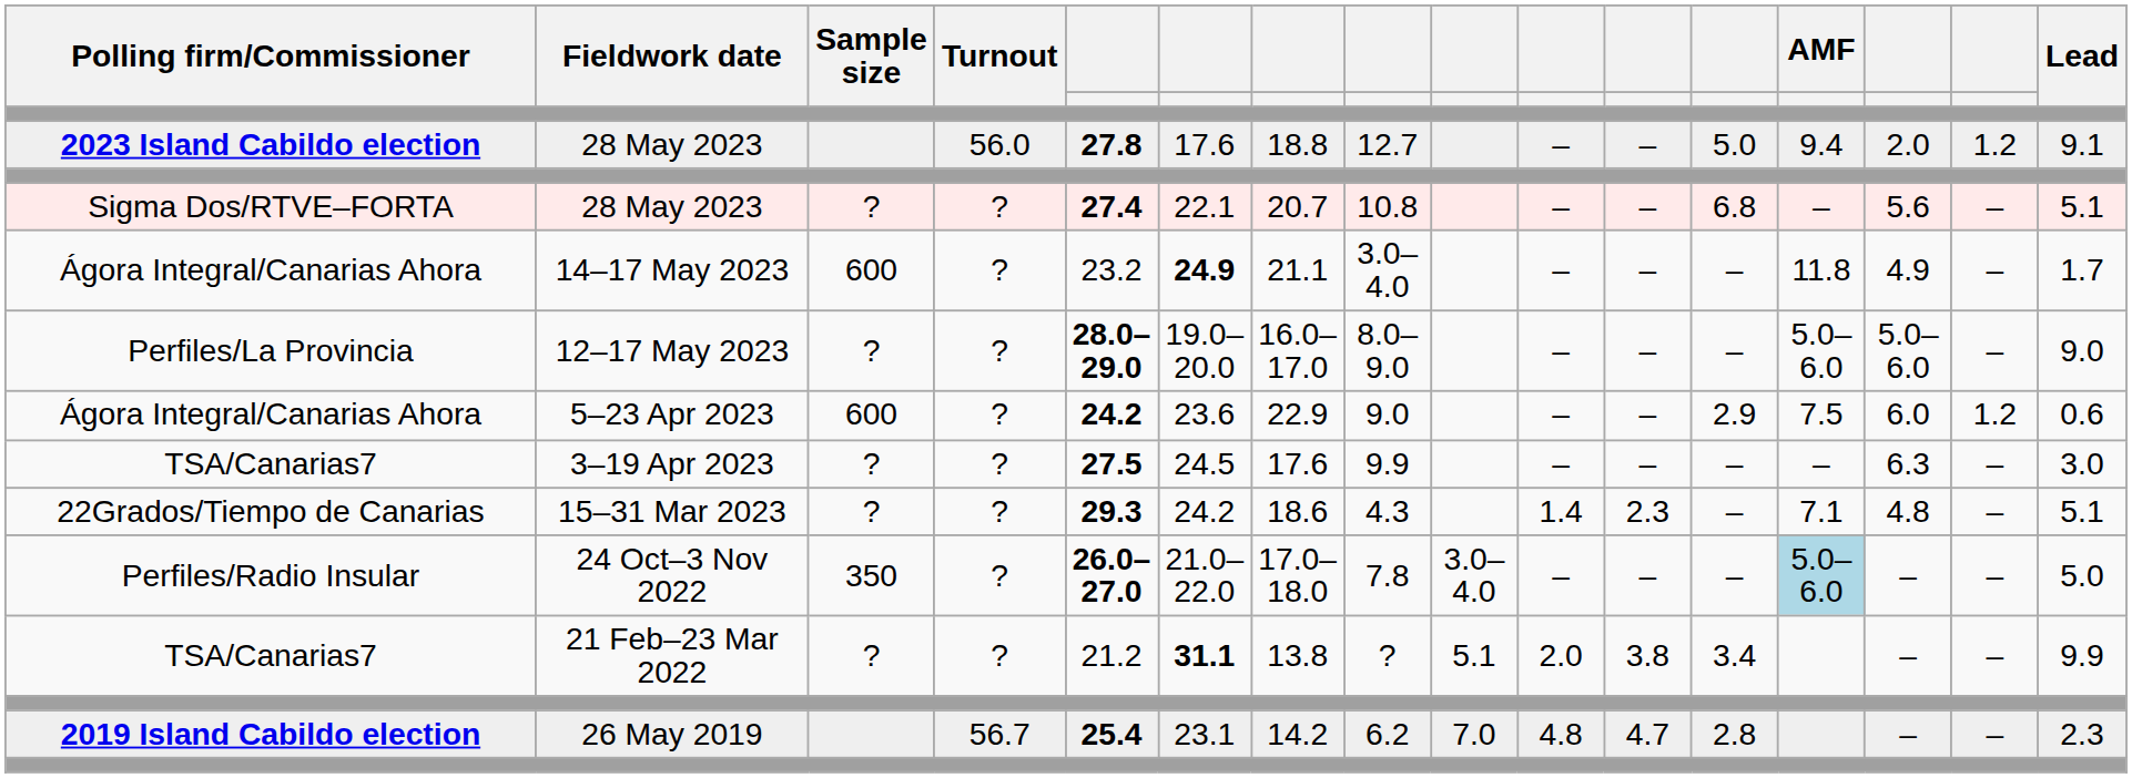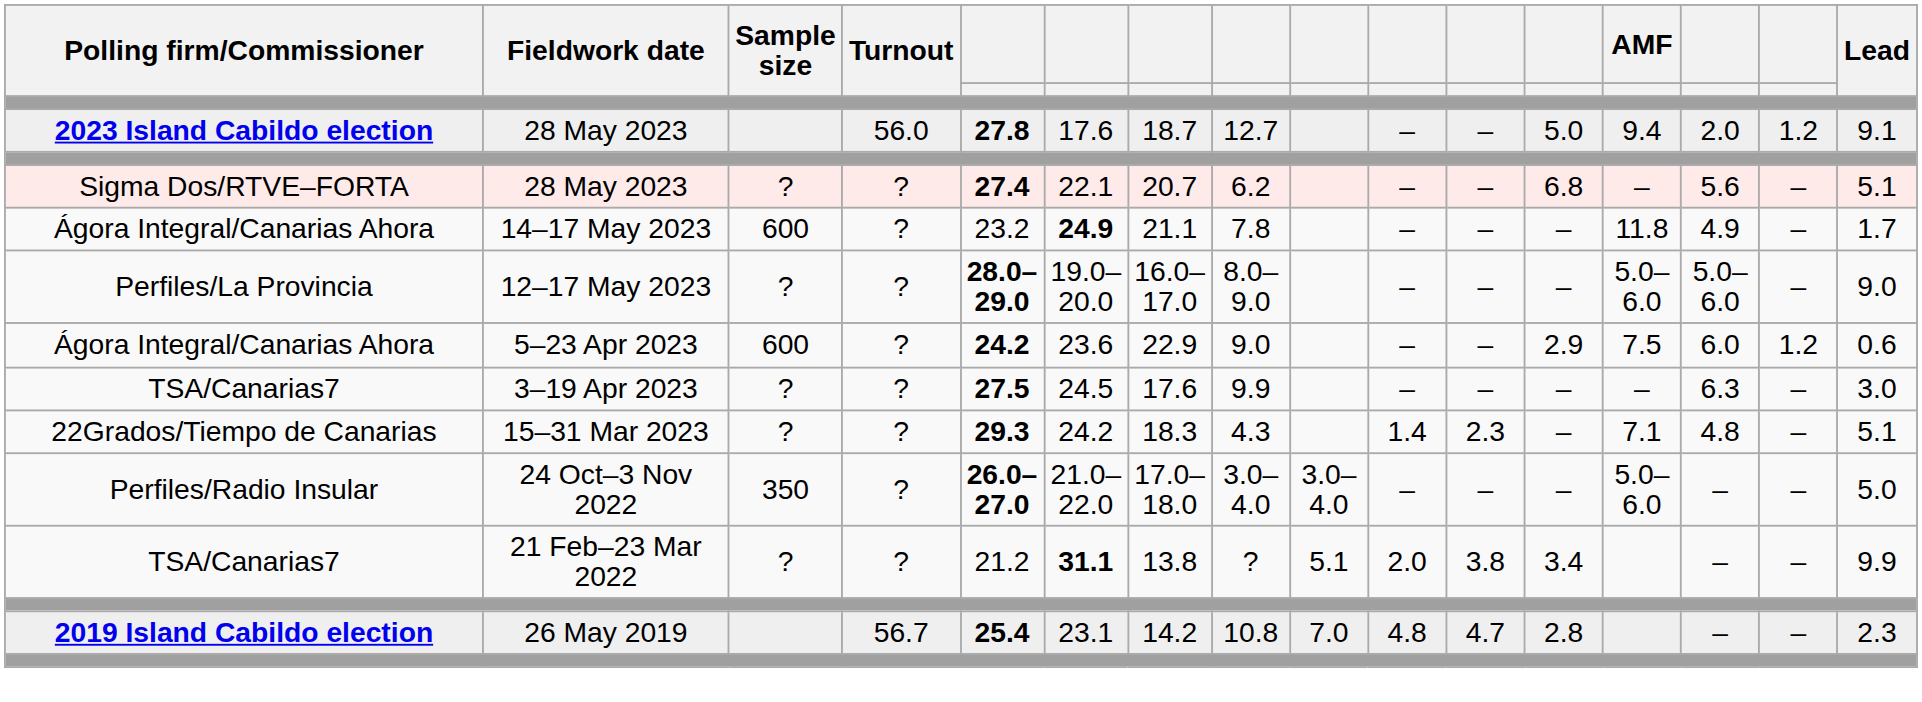 <table class="wikitable collapsible collapsed" style="text-align:center; font-size:95%; line-height:16px;">
 <tr style="height:42px;">
 <th style="width:250px;" rowspan="2">Polling firm/Commissioner</th>
 <th style="width:125px;" rowspan="2">Fieldwork date</th>
 <th style="width:50px;" rowspan="2">Sample size</th>
 <th style="width:45px;" rowspan="2">Turnout</th>
 <th style="width:35px;"></th>
 <th style="width:35px;"></th>
 <th style="width:35px;"></th>
 <th style="width:35px;"></th>
 <th style="width:35px;"></th>
 <th style="width:35px;"></th>
 <th style="width:35px;"></th>
 <th style="width:35px;"></th>
 <th style="width:35px;">AMF</th>
 <th style="width:35px;"></th>
 <th style="width:35px;"></th>
 <th style="width:30px;" rowspan="2">Lead</th>
 </tr>
 <tr>
 <th style="color:inherit;background:"></th>
 <th style="color:inherit;background:"></th>
 <th style="color:inherit;background:"></th>
 <th style="color:inherit;background:"></th>
 <th style="color:inherit;background:"></th>
 <th style="color:inherit;background:"></th>
 <th style="color:inherit;background:"></th>
 <th style="color:inherit;background:"></th>
 <th style="color:inherit;background:"></th>
 <th style="color:inherit;background:"></th>
 <th style="color:inherit;background:"></th>
 </tr>
 <tr>
 <td colspan="16" style="background:#A0A0A0"></td>
 </tr>
 <tr style="background:#EFEFEF;">
 <td><strong><a href='#'>2023 Island Cabildo election</a></strong></td>
 <td>28 May 2023</td>
 <td></td>
 <td>56.0</td>
 <td><strong>27.8</strong><br></td>
 <td>17.6<br></td>
-<td>18.8<br></td>
+<td>18.7<br></td>
 <td>12.7<br></td>
 <td></td>
 <td>–</td>
 <td>–</td>
 <td>5.0<br></td>
 <td>9.4<br></td>
 <td>2.0<br></td>
 <td>1.2<br></td>
 <td style="background:">9.1</td>
 </tr>
 <tr>
 <td colspan="16" style="background:#A0A0A0"></td>
 </tr>
 <tr style="background:#FFEAEA;">
 <td>Sigma Dos/RTVE–FORTA</td>
 <td>28 May 2023</td>
 <td>?</td>
 <td>?</td>
 <td><strong>27.4</strong><br></td>
 <td>22.1<br></td>
 <td>20.7<br></td>
-<td>10.8<br></td>
+<td>6.2<br></td>
 <td></td>
 <td>–</td>
 <td>–</td>
 <td>6.8<br></td>
 <td>–</td>
 <td>5.6<br></td>
 <td>–</td>
 <td style="background:">5.1</td>
 </tr>
 <tr>
 <td>Ágora Integral/Canarias Ahora</td>
 <td>14–17 May 2023</td>
 <td>600</td>
 <td>?</td>
 <td>23.2<br></td>
 <td><strong>24.9</strong><br></td>
 <td>21.1<br></td>
-<td>3.0–<br>4.0<br></td>
+<td>7.8<br></td>
 <td></td>
 <td>–</td>
 <td>–</td>
 <td>–</td>
 <td>11.8<br></td>
 <td>4.9<br></td>
 <td>–</td>
 <td style="background:">1.7</td>
 </tr>
 <tr>
 <td>Perfiles/La Provincia</td>
 <td>12–17 May 2023</td>
 <td>?</td>
 <td>?</td>
 <td><strong>28.0–<br>29.0</strong><br></td>
 <td>19.0–<br>20.0<br></td>
 <td>16.0–<br>17.0<br></td>
 <td>8.0–<br>9.0<br></td>
 <td></td>
 <td>–</td>
 <td>–</td>
 <td>–</td>
 <td>5.0–<br>6.0<br></td>
 <td>5.0–<br>6.0<br></td>
 <td>–</td>
 <td style="background:">9.0</td>
 </tr>
 <tr>
 <td>Ágora Integral/Canarias Ahora</td>
 <td>5–23 Apr 2023</td>
 <td>600</td>
 <td>?</td>
 <td><strong>24.2</strong><br></td>
 <td>23.6<br></td>
 <td>22.9<br></td>
 <td>9.0<br></td>
 <td></td>
 <td>–</td>
 <td>–</td>
 <td>2.9<br></td>
 <td>7.5<br></td>
 <td>6.0<br></td>
 <td>1.2<br></td>
 <td style="background:">0.6</td>
 </tr>
 <tr>
 <td>TSA/Canarias7</td>
 <td>3–19 Apr 2023</td>
 <td>?</td>
 <td>?</td>
 <td><strong>27.5</strong><br></td>
 <td>24.5<br></td>
 <td>17.6<br></td>
 <td>9.9<br></td>
 <td></td>
 <td>–</td>
 <td>–</td>
 <td>–</td>
 <td>–</td>
 <td>6.3<br></td>
 <td>–</td>
 <td style="background:">3.0</td>
 </tr>
 <tr>
 <td>22Grados/Tiempo de Canarias</td>
 <td>15–31 Mar 2023</td>
 <td>?</td>
 <td>?</td>
 <td><strong>29.3</strong><br></td>
 <td>24.2<br></td>
-<td>18.6<br></td>
+<td>18.3<br></td>
 <td>4.3<br></td>
 <td></td>
 <td>1.4<br></td>
 <td>2.3<br></td>
 <td>–</td>
 <td>7.1<br></td>
 <td>4.8<br></td>
 <td>–</td>
 <td style="background:">5.1</td>
 </tr>
 <tr>
 <td>Perfiles/Radio Insular</td>
 <td>24 Oct–3 Nov 2022</td>
 <td>350</td>
 <td>?</td>
 <td><strong>26.0–<br>27.0</strong><br></td>
 <td>21.0–<br>22.0<br></td>
 <td>17.0–<br>18.0<br></td>
-<td>7.8<br></td>
+<td>3.0–<br>4.0<br></td>
 <td>3.0–<br>4.0<br></td>
 <td>–</td>
 <td>–</td>
 <td>–</td>
-<td style="background: lightblue;">5.0–<br>6.0<br></td>
+<td>5.0–<br>6.0<br></td>
 <td>–</td>
 <td>–</td>
 <td style="background:">5.0</td>
 </tr>
 <tr>
 <td>TSA/Canarias7</td>
 <td>21 Feb–23 Mar 2022</td>
 <td>?</td>
 <td>?</td>
 <td>21.2<br></td>
 <td><strong>31.1</strong><br></td>
 <td>13.8<br></td>
 <td>?<br></td>
 <td>5.1<br></td>
 <td>2.0<br></td>
 <td>3.8<br></td>
 <td>3.4<br></td>
 <td></td>
 <td>–</td>
 <td>–</td>
 <td style="background:">9.9</td>
 </tr>
 <tr>
 <td colspan="16" style="background:#A0A0A0"></td>
 </tr>
 <tr style="background:#EFEFEF;">
 <td><strong><a href='#'>2019 Island Cabildo election</a></strong></td>
 <td>26 May 2019</td>
 <td></td>
 <td>56.7</td>
 <td><strong>25.4</strong><br></td>
 <td>23.1<br></td>
 <td>14.2<br></td>
-<td>6.2<br></td>
+<td>10.8<br></td>
 <td>7.0<br></td>
 <td>4.8<br></td>
 <td>4.7<br></td>
 <td>2.8<br></td>
 <td></td>
 <td>–</td>
 <td>–</td>
 <td style="background:">2.3</td>
 </tr>
 <tr>
 <td colspan="16" style="background:#A0A0A0"></td>
 </tr>
 </table>
